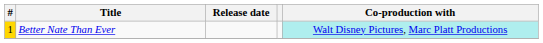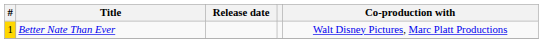 <table class="wikitable sortable">
 <tr>
 <th width=10>#</th>
 <th width=275>Title</th>
 <th ! width=100>Release date</th>
 <th ! style="width=75px;" class="unsortable"></th>
 <th ! style="text-align:center;" width=375>Co-production with</th>
 </tr>
 <tr>
 <td style="background: gold; text-align:center;">1</td>
 <td style="text-align:left;"><em><a href='#'>Better Nate Than Ever</a></em></td>
 <td style="text-align:right;"></td>
 <td></td>
-<td style="background: paleturquoise; text-align:center;"><a href='#'>Walt Disney Pictures</a>, <a href='#'>Marc Platt Productions</a></td>
+<td style="text-align:center;"><a href='#'>Walt Disney Pictures</a>, <a href='#'>Marc Platt Productions</a></td>
 </tr>
 <tr>
 </tr>
 </table>
